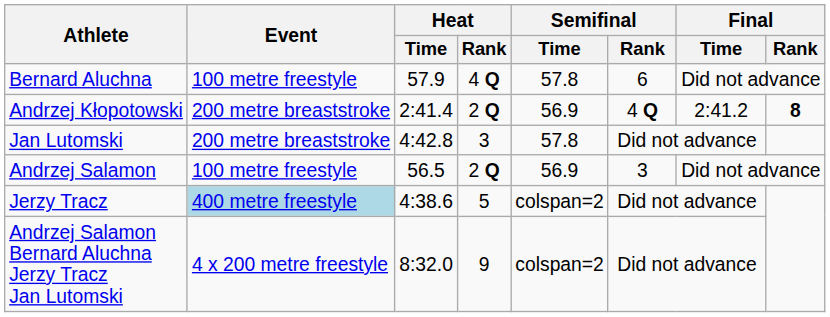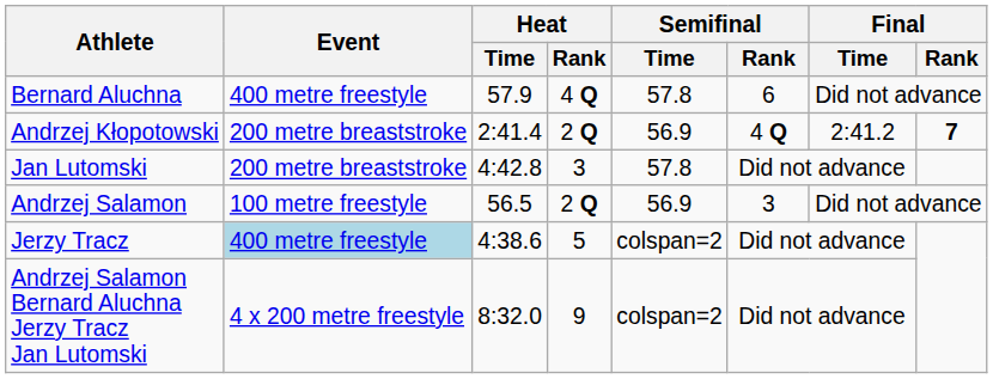 <table class=wikitable style="font-size:90%">
 <tr>
 <th rowspan="2">Athlete</th>
 <th rowspan="2">Event</th>
 <th colspan="2">Heat</th>
 <th colspan="2">Semifinal</th>
 <th colspan="2">Final</th>
 </tr>
 <tr style="font-size:95%">
 <th>Time</th>
 <th>Rank</th>
 <th>Time</th>
 <th>Rank</th>
 <th>Time</th>
 <th>Rank</th>
 </tr>
 <tr align=center>
 <td align=left rowspan=1><a href='#'>Bernard Aluchna</a></td>
-<td align=left><a href='#'>100 metre freestyle</a></td>
+<td align=left><a href='#'>400 metre freestyle</a></td>
 <td>57.9</td>
 <td>4 <strong>Q</strong></td>
 <td>57.8</td>
 <td>6</td>
 <td colspan=2>Did not advance</td>
 </tr>
 <tr align=center>
 <td align=left rowspan=1><a href='#'>Andrzej Kłopotowski</a></td>
 <td align=left><a href='#'>200 metre breaststroke</a></td>
 <td>2:41.4</td>
 <td>2 <strong>Q</strong></td>
 <td>56.9</td>
 <td>4 <strong>Q</strong></td>
 <td>2:41.2</td>
-<td><strong>8</strong></td>
+<td><strong>7</strong></td>
 </tr>
 <tr align=center>
 <td align=left rowspan=1><a href='#'>Jan Lutomski</a></td>
 <td align=left><a href='#'>200 metre breaststroke</a></td>
 <td>4:42.8</td>
 <td>3</td>
 <td>57.8</td>
 <td colspan=2>Did not advance</td>
 </tr>
 <tr align=center>
 <td align=left rowspan=1><a href='#'>Andrzej Salamon</a></td>
 <td align=left><a href='#'>100 metre freestyle</a></td>
 <td>56.5</td>
 <td>2 <strong>Q</strong></td>
 <td>56.9</td>
 <td>3</td>
 <td colspan=2>Did not advance</td>
 </tr>
 <tr align=center>
 <td align=left rowspan=1><a href='#'>Jerzy Tracz</a></td>
 <td align=left style="background: lightblue;"><a href='#'>400 metre freestyle</a></td>
 <td>4:38.6</td>
 <td>5</td>
 <td>colspan=2 </td>
 <td colspan=2>Did not advance</td>
 </tr>
 <tr align=center>
 <td align=left rowspan=1><a href='#'>Andrzej Salamon</a><br><a href='#'>Bernard Aluchna</a><br><a href='#'>Jerzy Tracz</a><br><a href='#'>Jan Lutomski</a></td>
 <td align=left><a href='#'>4 x 200 metre freestyle</a></td>
 <td>8:32.0</td>
 <td>9</td>
 <td>colspan=2 </td>
 <td colspan=2>Did not advance</td>
 </tr>
 </table>
